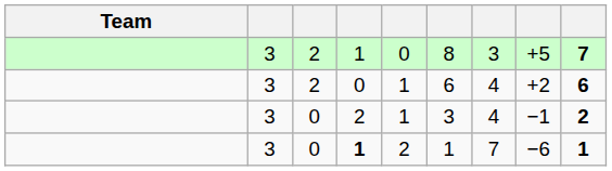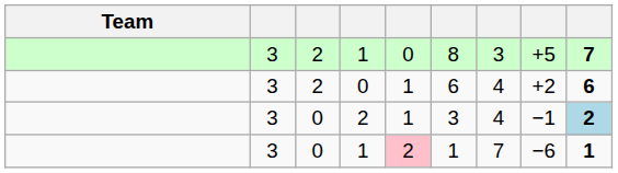 <table class="wikitable" style="text-align: center; font-size: 90%;">
 <tr>
 <th width=165>Team</th>
 <th width=25></th>
 <th width=25></th>
 <th width=25></th>
 <th width=25></th>
 <th width=25></th>
 <th width=25></th>
 <th width=25></th>
 <th width=25></th>
 </tr>
 <tr bgcolor="ccffcc">
 <td align="left"></td>
 <td>3</td>
 <td>2</td>
 <td>1</td>
 <td>0</td>
 <td>8</td>
 <td>3</td>
 <td>+5</td>
 <td><strong>7</strong></td>
 </tr>
 <tr>
 <td align="left"><em></em></td>
 <td>3</td>
 <td>2</td>
 <td>0</td>
 <td>1</td>
 <td>6</td>
 <td>4</td>
 <td>+2</td>
 <td><strong>6</strong></td>
 </tr>
 <tr>
 <td align="left"></td>
 <td>3</td>
 <td>0</td>
 <td>2</td>
 <td>1</td>
 <td>3</td>
 <td>4</td>
 <td>−1</td>
-<td><strong>2</strong></td>
+<td style="background: lightblue;"><strong>2</strong></td>
 </tr>
 <tr>
 <td align="left"></td>
 <td>3</td>
 <td>0</td>
-<td><strong>1</strong></td>
-<td>2</td>
+<td>1</td>
+<td style="background: pink;">2</td>
 <td>1</td>
 <td>7</td>
 <td>−6</td>
 <td><strong>1</strong></td>
 </tr>
 </table>
